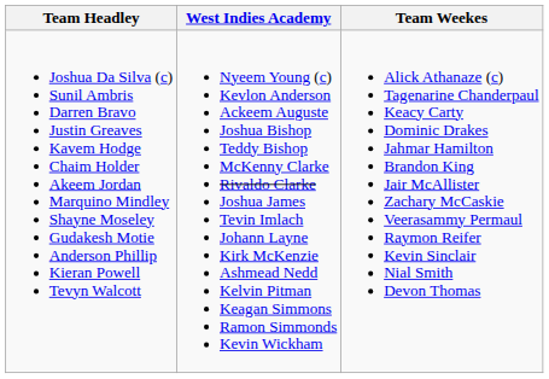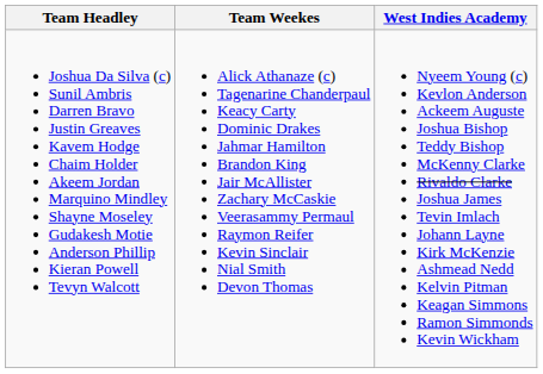 <table class="wikitable" style="text-align:left; margin:auto">
 <tr>
 <th>Team Headley</th>
+<th>Team Weekes</th>
 <th><a href='#'>West Indies Academy</a></th>
-<th>Team Weekes</th>
 </tr>
 <tr style="vertical-align:top">
 <td><br><ul><li><a href='#'>Joshua Da Silva</a> (<a href='#'>c</a>)</li><li><a href='#'>Sunil Ambris</a></li><li><a href='#'>Darren Bravo</a></li><li><a href='#'>Justin Greaves</a></li><li><a href='#'>Kavem Hodge</a></li><li><a href='#'>Chaim Holder</a></li><li><a href='#'>Akeem Jordan</a></li><li><a href='#'>Marquino Mindley</a></li><li><a href='#'>Shayne Moseley</a></li><li><a href='#'>Gudakesh Motie</a></li><li><a href='#'>Anderson Phillip</a></li><li><a href='#'>Kieran Powell</a></li><li><a href='#'>Tevyn Walcott</a></li></ul></td>
+<td><br><ul><li><a href='#'>Alick Athanaze</a> (<a href='#'>c</a>)</li><li><a href='#'>Tagenarine Chanderpaul</a></li><li><a href='#'>Keacy Carty</a></li><li><a href='#'>Dominic Drakes</a></li><li><a href='#'>Jahmar Hamilton</a></li><li><a href='#'>Brandon King</a></li><li><a href='#'>Jair McAllister</a></li><li><a href='#'>Zachary McCaskie</a></li><li><a href='#'>Veerasammy Permaul</a></li><li><a href='#'>Raymon Reifer</a></li><li><a href='#'>Kevin Sinclair</a></li><li><a href='#'>Nial Smith</a></li><li><a href='#'>Devon Thomas</a></li></ul></td>
 <td><br><ul><li><a href='#'>Nyeem Young</a> (<a href='#'>c</a>)</li><li><a href='#'>Kevlon Anderson</a></li><li><a href='#'>Ackeem Auguste</a></li><li><a href='#'>Joshua Bishop</a></li><li><a href='#'>Teddy Bishop</a></li><li><a href='#'>McKenny Clarke</a></li><li><a href='#'><s></s></a><s><a href='#'>Rivaldo Clarke</a></s></li><li><a href='#'>Joshua James</a></li><li><a href='#'>Tevin Imlach</a></li><li><a href='#'>Johann Layne</a></li><li><a href='#'>Kirk McKenzie</a></li><li><a href='#'>Ashmead Nedd</a></li><li><a href='#'>Kelvin Pitman</a></li><li><a href='#'>Keagan Simmons</a></li><li><a href='#'>Ramon Simmonds</a></li><li><a href='#'>Kevin Wickham</a></li></ul></td>
-<td><br><ul><li><a href='#'>Alick Athanaze</a> (<a href='#'>c</a>)</li><li><a href='#'>Tagenarine Chanderpaul</a></li><li><a href='#'>Keacy Carty</a></li><li><a href='#'>Dominic Drakes</a></li><li><a href='#'>Jahmar Hamilton</a></li><li><a href='#'>Brandon King</a></li><li><a href='#'>Jair McAllister</a></li><li><a href='#'>Zachary McCaskie</a></li><li><a href='#'>Veerasammy Permaul</a></li><li><a href='#'>Raymon Reifer</a></li><li><a href='#'>Kevin Sinclair</a></li><li><a href='#'>Nial Smith</a></li><li><a href='#'>Devon Thomas</a></li></ul></td>
 </tr>
 </table>
